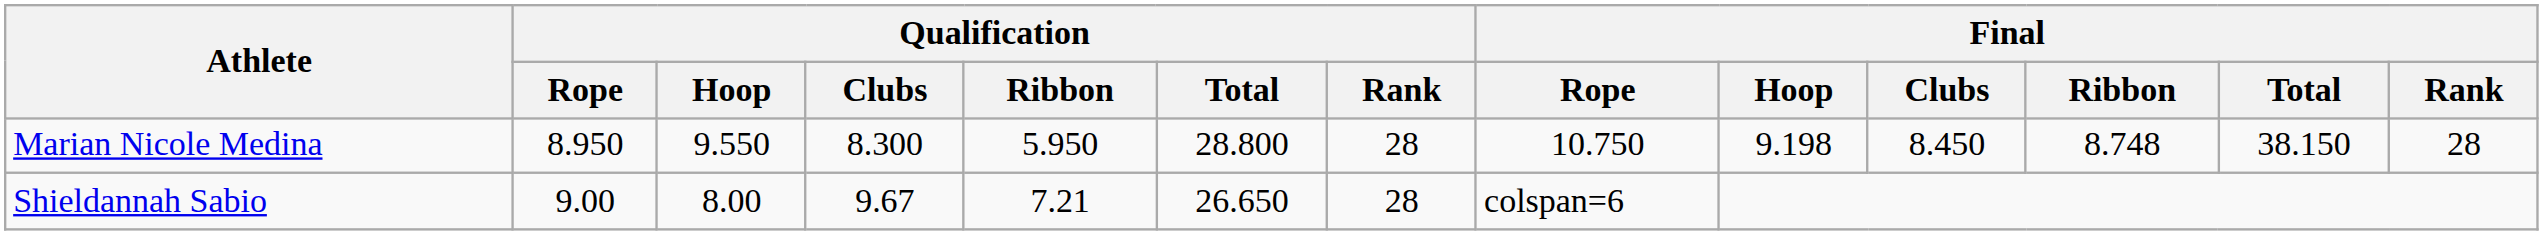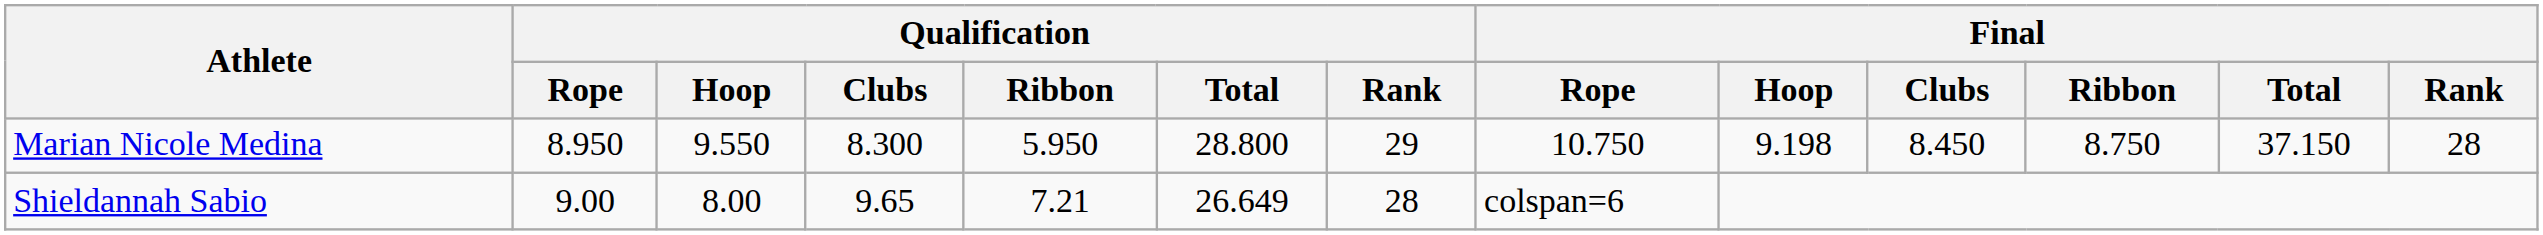 <table class="wikitable" width="85%" style="text-align:left; font-size:90%">
 <tr>
 <th rowspan=2>Athlete</th>
 <th colspan=6>Qualification</th>
 <th colspan=6>Final</th>
 </tr>
 <tr>
 <th>Rope</th>
 <th>Hoop</th>
 <th>Clubs</th>
 <th>Ribbon</th>
 <th>Total</th>
 <th>Rank</th>
 <th>Rope</th>
 <th>Hoop</th>
 <th>Clubs</th>
 <th>Ribbon</th>
 <th>Total</th>
 <th>Rank</th>
 </tr>
 <tr>
 <td><a href='#'>Marian Nicole Medina</a></td>
 <td align=center>8.950</td>
 <td align=center>9.550</td>
 <td align=center>8.300</td>
 <td align=center>5.950</td>
 <td align=center>28.800</td>
-<td align=center>28 </td>
+<td align=center>29 </td>
 <td align=center>10.750</td>
 <td align=center>9.198</td>
 <td align=center>8.450</td>
-<td align=center>8.748</td>
-<td align=center>38.150</td>
+<td align=center>8.750</td>
+<td align=center>37.150</td>
 <td align=center>28</td>
 </tr>
 <tr>
 <td><a href='#'>Shieldannah Sabio</a></td>
 <td align=center>9.00</td>
 <td align=center>8.00</td>
-<td align=center>9.67</td>
+<td align=center>9.65</td>
 <td align=center>7.21</td>
-<td align=center>26.650</td>
+<td align=center>26.649</td>
 <td align=center>28</td>
 <td>colspan=6</td>
 </tr>
 </table>
